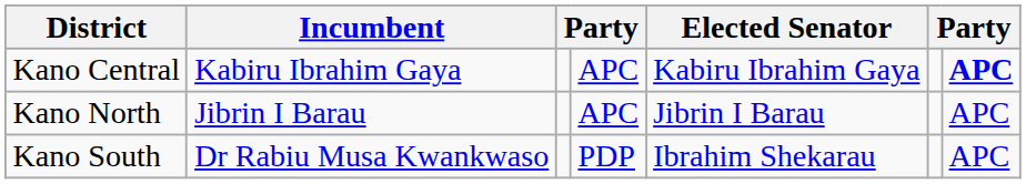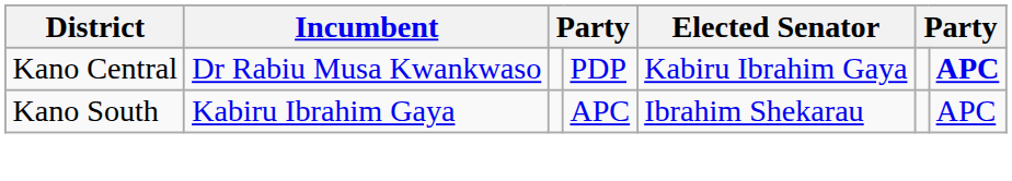 <table class="sortable wikitable" style="font-size:95%;line-height:14px;">
 <tr>
 <th class="unsortable">District</th>
 <th class="unsortable"><a href='#'>Incumbent</a></th>
 <th colspan="2">Party</th>
 <th class="unsortable">Elected Senator</th>
 <th colspan="2">Party</th>
 </tr>
 <tr>
 <td>Kano Central</td>
-<td><a href='#'>Kabiru Ibrahim Gaya</a></td>
+<td><a href='#'>Dr Rabiu Musa Kwankwaso</a></td>
 <td style="background:"></td>
-<td><a href='#'>APC</a></td>
+<td><a href='#'>PDP</a></td>
 <td><a href='#'>Kabiru Ibrahim Gaya</a></td>
 <td style="background:"></td>
 <td><strong><a href='#'>APC</a></strong></td>
 </tr>
 <tr>
-<td>Kano North</td>
-<td><a href='#'>Jibrin I Barau</a></td>
+<td>Kano South</td>
+<td><a href='#'>Kabiru Ibrahim Gaya</a></td>
 <td style="background:"></td>
 <td><a href='#'>APC</a></td>
-<td><a href='#'>Jibrin I Barau</a></td>
-<td style="background:"></td>
-<td><a href='#'>APC</a></td>
-</tr>
-<tr>
-<td>Kano South</td>
-<td><a href='#'>Dr Rabiu Musa Kwankwaso</a></td>
-<td style="background:"></td>
-<td><a href='#'>PDP</a></td>
 <td><a href='#'>Ibrahim Shekarau</a></td>
 <td style="background:"></td>
 <td><a href='#'>APC</a></td>
 </tr>
 </table>
